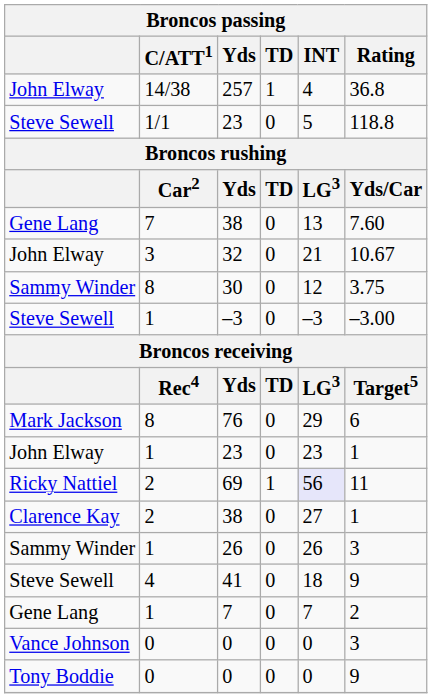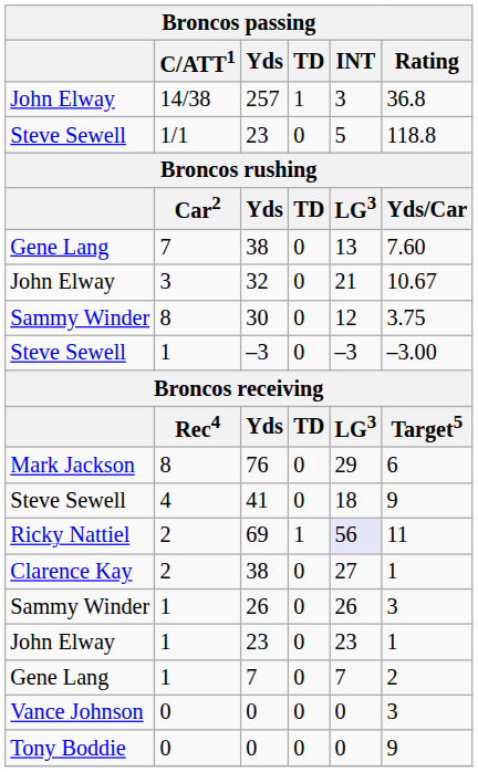 <table class="wikitable">
 <tr>
 <th colspan="6">Broncos passing</th>
 </tr>
 <tr>
 <th></th>
 <th>C/ATT<sup>1</sup></th>
 <th>Yds</th>
 <th>TD</th>
 <th>INT</th>
 <th>Rating</th>
 </tr>
 <tr>
 <td><a href='#'>John Elway</a></td>
 <td>14/38</td>
 <td>257</td>
 <td>1</td>
-<td>4</td>
+<td>3</td>
 <td>36.8</td>
 </tr>
 <tr>
 <td><a href='#'>Steve Sewell</a></td>
 <td>1/1</td>
 <td>23</td>
 <td>0</td>
 <td>5</td>
 <td>118.8</td>
 </tr>
 <tr>
 <th colspan="6">Broncos rushing</th>
 </tr>
 <tr>
 <th></th>
 <th>Car<sup>2</sup></th>
 <th>Yds</th>
 <th>TD</th>
 <th>LG<sup>3</sup></th>
 <th>Yds/Car</th>
 </tr>
 <tr>
 <td><a href='#'>Gene Lang</a></td>
 <td>7</td>
 <td>38</td>
 <td>0</td>
 <td>13</td>
 <td>7.60</td>
 </tr>
 <tr>
 <td>John Elway</td>
 <td>3</td>
 <td>32</td>
 <td>0</td>
 <td>21</td>
 <td>10.67</td>
 </tr>
 <tr>
 <td><a href='#'>Sammy Winder</a></td>
 <td>8</td>
 <td>30</td>
 <td>0</td>
 <td>12</td>
 <td>3.75</td>
 </tr>
 <tr>
 <td><a href='#'>Steve Sewell</a></td>
 <td>1</td>
 <td>–3</td>
 <td>0</td>
 <td>–3</td>
 <td>–3.00</td>
 </tr>
 <tr>
 <th colspan="6">Broncos receiving</th>
 </tr>
 <tr>
 <th></th>
 <th>Rec<sup>4</sup></th>
 <th>Yds</th>
 <th>TD</th>
 <th>LG<sup>3</sup></th>
 <th>Target<sup>5</sup></th>
 </tr>
 <tr>
 <td><a href='#'>Mark Jackson</a></td>
 <td>8</td>
 <td>76</td>
 <td>0</td>
 <td>29</td>
 <td>6</td>
 </tr>
 <tr>
-<td>John Elway</td>
-<td>1</td>
-<td>23</td>
+<td>Steve Sewell</td>
+<td>4</td>
+<td>41</td>
 <td>0</td>
-<td>23</td>
-<td>1</td>
+<td>18</td>
+<td>9</td>
 </tr>
 <tr>
 <td><a href='#'>Ricky Nattiel</a></td>
 <td>2</td>
 <td>69</td>
 <td>1</td>
 <td style="background: lavender;">56</td>
 <td>11</td>
 </tr>
 <tr>
 <td><a href='#'>Clarence Kay</a></td>
 <td>2</td>
 <td>38</td>
 <td>0</td>
 <td>27</td>
 <td>1</td>
 </tr>
 <tr>
 <td>Sammy Winder</td>
 <td>1</td>
 <td>26</td>
 <td>0</td>
 <td>26</td>
 <td>3</td>
 </tr>
 <tr>
-<td>Steve Sewell</td>
-<td>4</td>
-<td>41</td>
+<td>John Elway</td>
+<td>1</td>
+<td>23</td>
 <td>0</td>
-<td>18</td>
-<td>9</td>
+<td>23</td>
+<td>1</td>
 </tr>
 <tr>
 <td>Gene Lang</td>
 <td>1</td>
 <td>7</td>
 <td>0</td>
 <td>7</td>
 <td>2</td>
 </tr>
 <tr>
 <td><a href='#'>Vance Johnson</a></td>
 <td>0</td>
 <td>0</td>
 <td>0</td>
 <td>0</td>
 <td>3</td>
 </tr>
 <tr>
 <td><a href='#'>Tony Boddie</a></td>
 <td>0</td>
 <td>0</td>
 <td>0</td>
 <td>0</td>
 <td>9</td>
 </tr>
 <tr>
 </tr>
 </table>
